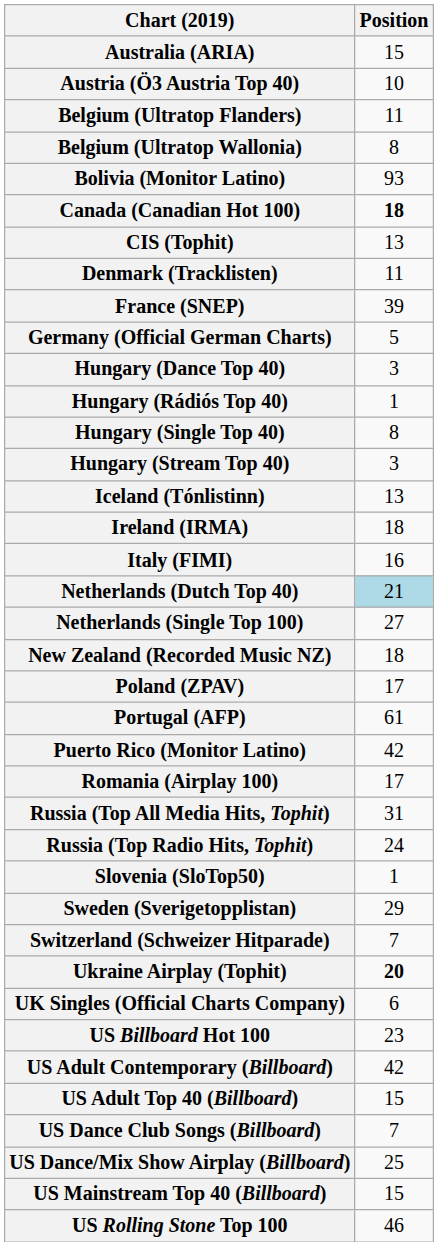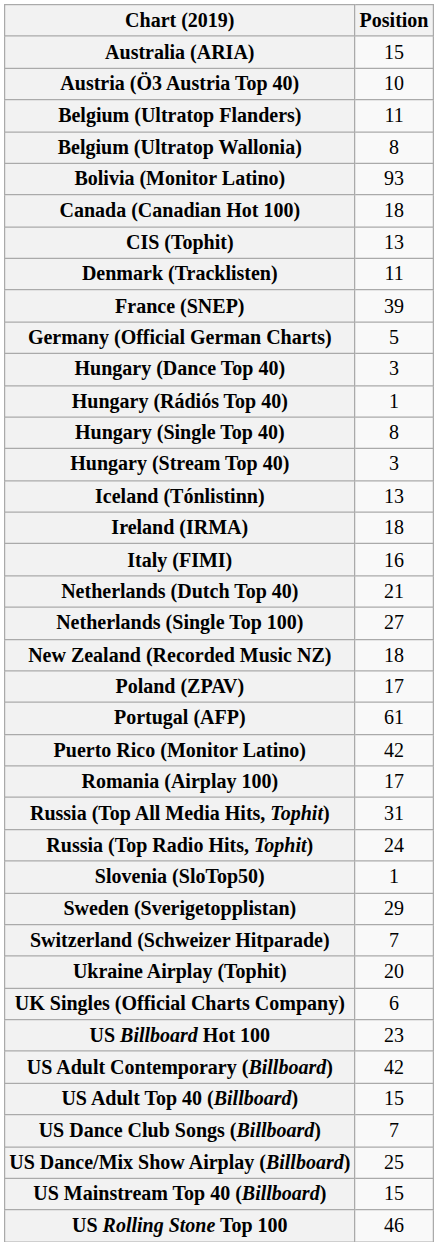 <table class="wikitable sortable plainrowheaders" style="text-align:center">
 <tr>
 <th scope="col">Chart (2019)</th>
 <th scope="col">Position</th>
 </tr>
 <tr>
 <th scope="row">Australia (ARIA)</th>
 <td>15</td>
 </tr>
 <tr>
 <th scope="row">Austria (Ö3 Austria Top 40)</th>
 <td>10</td>
 </tr>
 <tr>
 <th scope="row">Belgium (Ultratop Flanders)</th>
 <td>11</td>
 </tr>
 <tr>
 <th scope="row">Belgium (Ultratop Wallonia)</th>
 <td>8</td>
 </tr>
 <tr>
 <th scope="row">Bolivia (Monitor Latino)</th>
 <td>93</td>
 </tr>
 <tr>
 <th scope="row">Canada (Canadian Hot 100)</th>
-<td><strong>18</strong></td>
+<td>18</td>
 </tr>
 <tr>
 <th scope="row">CIS (Tophit)</th>
 <td>13</td>
 </tr>
 <tr>
 <th scope="row">Denmark (Tracklisten)</th>
 <td>11</td>
 </tr>
 <tr>
 <th scope="row">France (SNEP)</th>
 <td>39</td>
 </tr>
 <tr>
 <th scope="row">Germany (Official German Charts)</th>
 <td>5</td>
 </tr>
 <tr>
 <th scope="row">Hungary (Dance Top 40)</th>
 <td>3</td>
 </tr>
 <tr>
 <th scope="row">Hungary (Rádiós Top 40)</th>
 <td>1</td>
 </tr>
 <tr>
 <th scope="row">Hungary (Single Top 40)</th>
 <td>8</td>
 </tr>
 <tr>
 <th scope="row">Hungary (Stream Top 40)</th>
 <td>3</td>
 </tr>
 <tr>
 <th scope="row">Iceland (Tónlistinn)</th>
 <td>13</td>
 </tr>
 <tr>
 <th scope="row">Ireland (IRMA)</th>
 <td>18</td>
 </tr>
 <tr>
 <th scope="row">Italy (FIMI)</th>
 <td>16</td>
 </tr>
 <tr>
 <th scope="row">Netherlands (Dutch Top 40)</th>
-<td style="background: lightblue;">21</td>
+<td>21</td>
 </tr>
 <tr>
 <th scope="row">Netherlands (Single Top 100)</th>
 <td>27</td>
 </tr>
 <tr>
 <th scope="row">New Zealand (Recorded Music NZ)</th>
 <td>18</td>
 </tr>
 <tr>
 <th scope="row">Poland (ZPAV)</th>
 <td>17</td>
 </tr>
 <tr>
 <th scope="row">Portugal (AFP)</th>
 <td>61</td>
 </tr>
 <tr>
 <th scope="row">Puerto Rico (Monitor Latino)</th>
 <td>42</td>
 </tr>
 <tr>
 <th scope="row">Romania (Airplay 100)</th>
 <td>17</td>
 </tr>
 <tr>
 <th scope="row">Russia (Top All Media Hits, <em>Tophit</em>)</th>
 <td align=center>31</td>
 </tr>
 <tr>
 <th scope="row">Russia (Top Radio Hits, <em>Tophit</em>)</th>
 <td align=center>24</td>
 </tr>
 <tr>
 <th scope="row">Slovenia (SloTop50)</th>
 <td>1</td>
 </tr>
 <tr>
 <th scope="row">Sweden (Sverigetopplistan)</th>
 <td>29</td>
 </tr>
 <tr>
 <th scope="row">Switzerland (Schweizer Hitparade)</th>
 <td>7</td>
 </tr>
 <tr>
 <th scope="row">Ukraine Airplay (Tophit)</th>
-<td><strong>20</strong></td>
+<td>20</td>
 </tr>
 <tr>
 <th scope="row">UK Singles (Official Charts Company)</th>
 <td>6</td>
 </tr>
 <tr>
 <th scope="row">US <em>Billboard</em> Hot 100</th>
 <td>23</td>
 </tr>
 <tr>
 <th scope="row">US Adult Contemporary (<em>Billboard</em>)</th>
 <td>42</td>
 </tr>
 <tr>
 <th scope="row">US Adult Top 40 (<em>Billboard</em>)</th>
 <td>15</td>
 </tr>
 <tr>
 <th scope="row">US Dance Club Songs (<em>Billboard</em>)</th>
 <td>7</td>
 </tr>
 <tr>
 <th scope="row">US Dance/Mix Show Airplay (<em>Billboard</em>)</th>
 <td>25</td>
 </tr>
 <tr>
 <th scope="row">US Mainstream Top 40 (<em>Billboard</em>)</th>
 <td>15</td>
 </tr>
 <tr>
 <th scope="row">US <em>Rolling Stone</em> Top 100</th>
 <td>46</td>
 </tr>
 </table>
